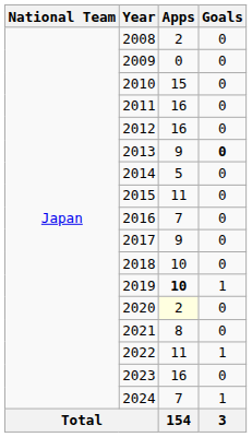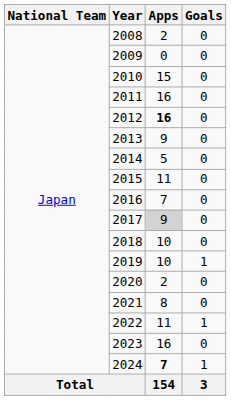 <table class="wikitable" style="text-align:center">
 <tr>
 <th>National Team</th>
 <th>Year</th>
 <th>Apps</th>
 <th>Goals</th>
 </tr>
 <tr>
 <td rowspan="17"><a href='#'>Japan</a></td>
 <td>2008</td>
 <td>2</td>
 <td>0</td>
 </tr>
 <tr>
 <td>2009</td>
 <td>0</td>
 <td>0</td>
 </tr>
 <tr>
 <td>2010</td>
 <td>15</td>
 <td>0</td>
 </tr>
 <tr>
 <td>2011</td>
 <td>16</td>
 <td>0</td>
 </tr>
 <tr>
 <td>2012</td>
-<td>16</td>
+<td><strong>16</strong></td>
 <td>0</td>
 </tr>
 <tr>
 <td>2013</td>
 <td>9</td>
-<td><strong>0</strong></td>
+<td>0</td>
 </tr>
 <tr>
 <td>2014</td>
 <td>5</td>
 <td>0</td>
 </tr>
 <tr>
 <td>2015</td>
 <td>11</td>
 <td>0</td>
 </tr>
 <tr>
 <td>2016</td>
 <td>7</td>
 <td>0</td>
 </tr>
 <tr>
 <td>2017</td>
-<td>9</td>
+<td style="background: lightgrey;">9</td>
 <td>0</td>
 </tr>
 <tr>
 <td>2018</td>
 <td>10</td>
 <td>0</td>
 </tr>
 <tr>
 <td>2019</td>
-<td><strong>10</strong></td>
+<td>10</td>
 <td>1</td>
 </tr>
 <tr>
 <td>2020</td>
-<td style="background: lightyellow;">2</td>
+<td>2</td>
 <td>0</td>
 </tr>
 <tr>
 <td>2021</td>
 <td>8</td>
 <td>0</td>
 </tr>
 <tr>
 <td>2022</td>
 <td>11</td>
 <td>1</td>
 </tr>
 <tr>
 <td>2023</td>
 <td>16</td>
 <td>0</td>
 </tr>
 <tr>
 <td>2024</td>
-<td>7</td>
+<td><strong>7</strong></td>
 <td>1</td>
 </tr>
 <tr>
 <th colspan="2">Total</th>
 <th>154</th>
 <th>3</th>
 </tr>
 </table>
